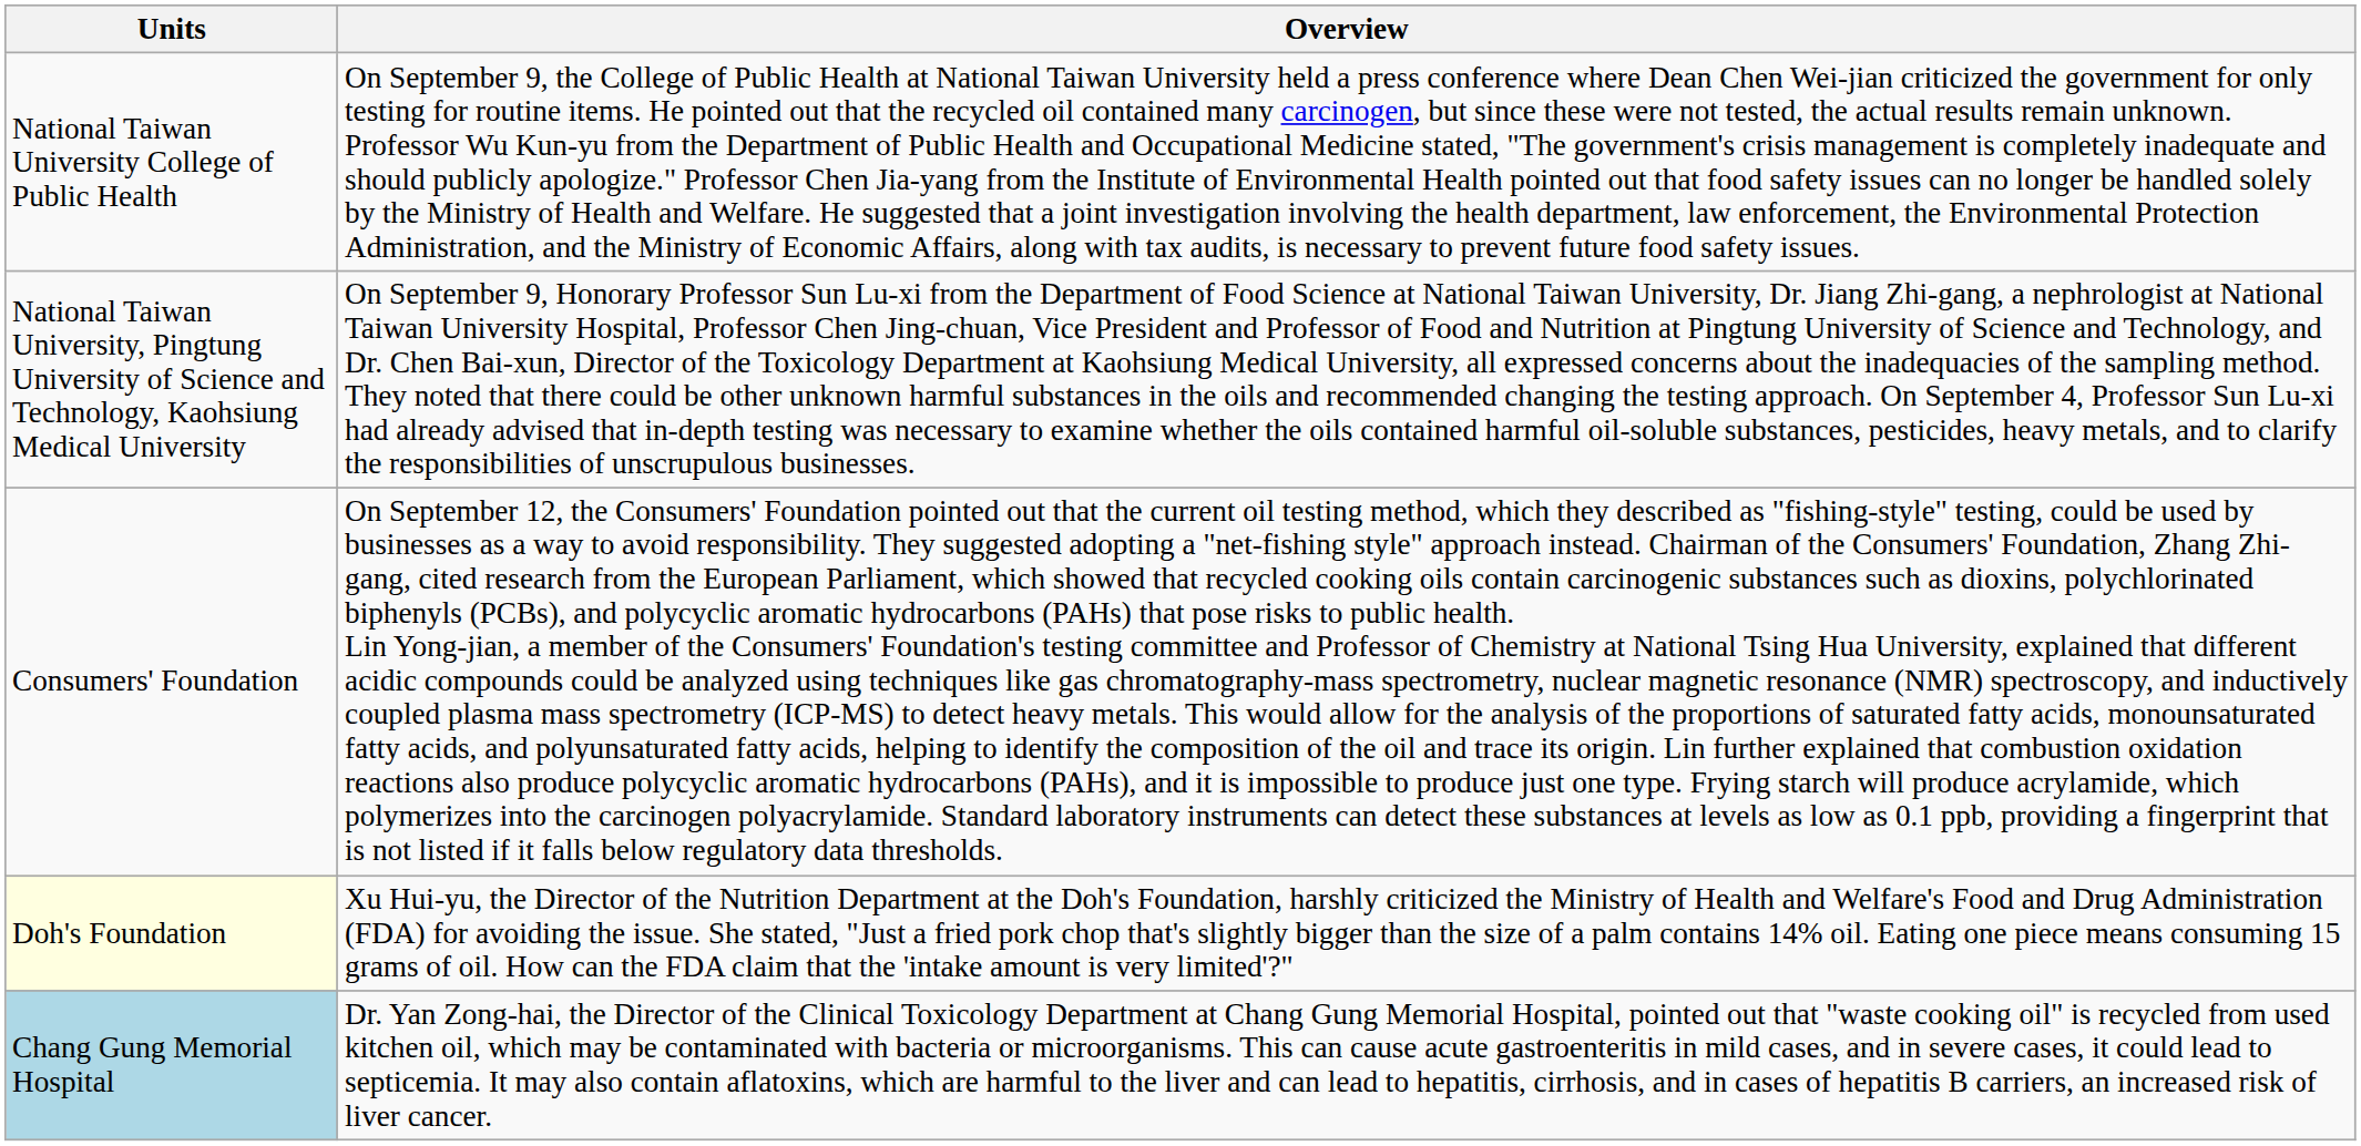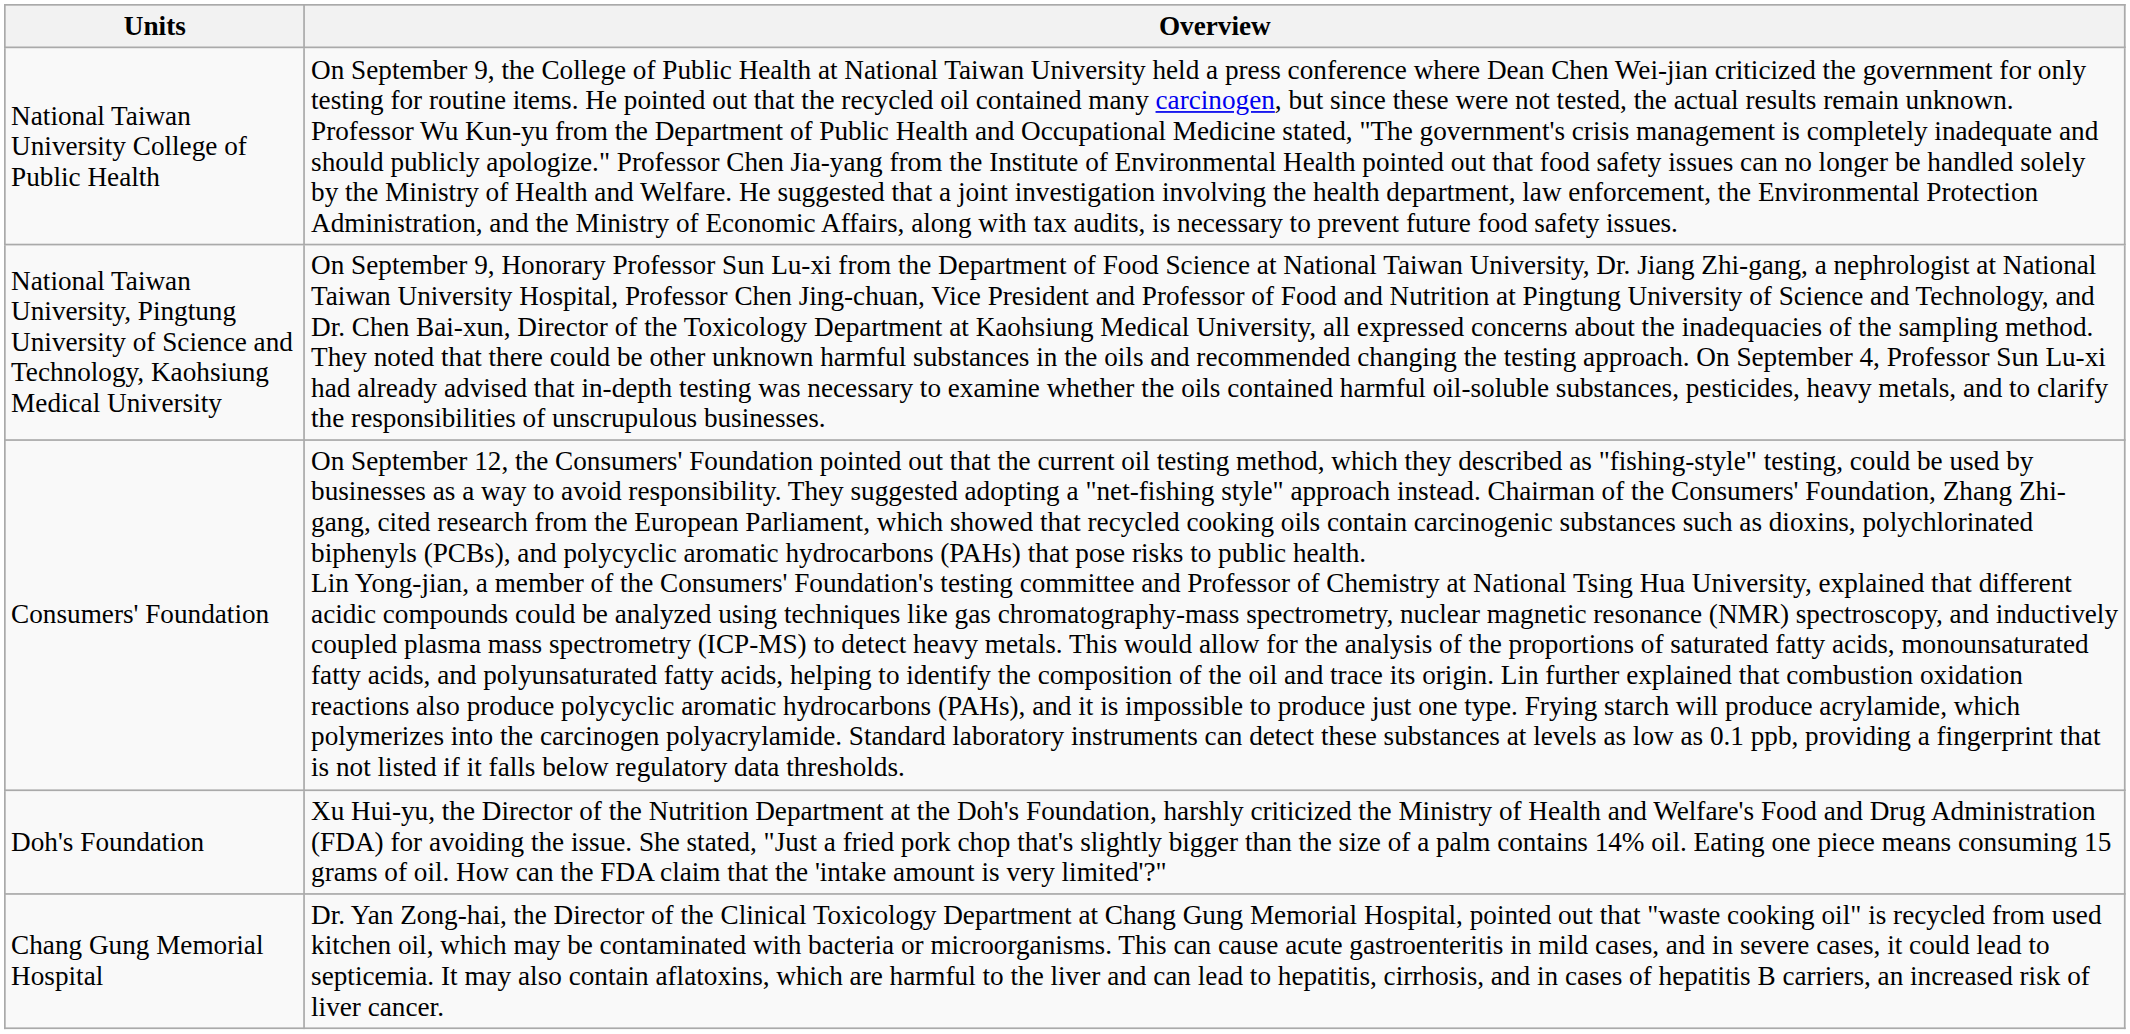 <table class="wikitable sortable">
 <tr>
 <th>Units</th>
 <th>Overview</th>
 </tr>
 <tr>
 <td>National Taiwan University College of Public Health</td>
 <td>On September 9, the College of Public Health at National Taiwan University held a press conference where Dean Chen Wei-jian criticized the government for only testing for routine items. He pointed out that the recycled oil contained many <a href='#'>carcinogen</a>, but since these were not tested, the actual results remain unknown. Professor Wu Kun-yu from the Department of Public Health and Occupational Medicine stated, "The government's crisis management is completely inadequate and should publicly apologize." Professor Chen Jia-yang from the Institute of Environmental Health pointed out that food safety issues can no longer be handled solely by the Ministry of Health and Welfare. He suggested that a joint investigation involving the health department, law enforcement, the Environmental Protection Administration, and the Ministry of Economic Affairs, along with tax audits, is necessary to prevent future food safety issues.</td>
 </tr>
 <tr>
 <td>National Taiwan University, Pingtung University of Science and Technology, Kaohsiung Medical University</td>
 <td>On September 9, Honorary Professor Sun Lu-xi from the Department of Food Science at National Taiwan University, Dr. Jiang Zhi-gang, a nephrologist at National Taiwan University Hospital, Professor Chen Jing-chuan, Vice President and Professor of Food and Nutrition at Pingtung University of Science and Technology, and Dr. Chen Bai-xun, Director of the Toxicology Department at Kaohsiung Medical University, all expressed concerns about the inadequacies of the sampling method. They noted that there could be other unknown harmful substances in the oils and recommended changing the testing approach. On September 4, Professor Sun Lu-xi had already advised that in-depth testing was necessary to examine whether the oils contained harmful oil-soluble substances, pesticides, heavy metals, and to clarify the responsibilities of unscrupulous businesses.</td>
 </tr>
 <tr>
 <td>Consumers' Foundation</td>
 <td>On September 12, the Consumers' Foundation pointed out that the current oil testing method, which they described as "fishing-style" testing, could be used by businesses as a way to avoid responsibility. They suggested adopting a "net-fishing style" approach instead. Chairman of the Consumers' Foundation, Zhang Zhi-gang, cited research from the European Parliament, which showed that recycled cooking oils contain carcinogenic substances such as dioxins, polychlorinated biphenyls (PCBs), and polycyclic aromatic hydrocarbons (PAHs) that pose risks to public health.<br>Lin Yong-jian, a member of the Consumers' Foundation's testing committee and Professor of Chemistry at National Tsing Hua University, explained that different acidic compounds could be analyzed using techniques like gas chromatography-mass spectrometry, nuclear magnetic resonance (NMR) spectroscopy, and inductively coupled plasma mass spectrometry (ICP-MS) to detect heavy metals. This would allow for the analysis of the proportions of saturated fatty acids, monounsaturated fatty acids, and polyunsaturated fatty acids, helping to identify the composition of the oil and trace its origin. Lin further explained that combustion oxidation reactions also produce polycyclic aromatic hydrocarbons (PAHs), and it is impossible to produce just one type. Frying starch will produce acrylamide, which polymerizes into the carcinogen polyacrylamide. Standard laboratory instruments can detect these substances at levels as low as 0.1 ppb, providing a fingerprint that is not listed if it falls below regulatory data thresholds.</td>
 </tr>
 <tr>
-<td style="background: lightyellow;">Doh's Foundation</td>
+<td>Doh's Foundation</td>
 <td>Xu Hui-yu, the Director of the Nutrition Department at the Doh's Foundation, harshly criticized the Ministry of Health and Welfare's Food and Drug Administration (FDA) for avoiding the issue. She stated, "Just a fried pork chop that's slightly bigger than the size of a palm contains 14% oil. Eating one piece means consuming 15 grams of oil. How can the FDA claim that the 'intake amount is very limited'?"</td>
 </tr>
 <tr>
-<td style="background: lightblue;">Chang Gung Memorial Hospital</td>
+<td>Chang Gung Memorial Hospital</td>
 <td>Dr. Yan Zong-hai, the Director of the Clinical Toxicology Department at Chang Gung Memorial Hospital, pointed out that "waste cooking oil" is recycled from used kitchen oil, which may be contaminated with bacteria or microorganisms. This can cause acute gastroenteritis in mild cases, and in severe cases, it could lead to septicemia. It may also contain aflatoxins, which are harmful to the liver and can lead to hepatitis, cirrhosis, and in cases of hepatitis B carriers, an increased risk of liver cancer.</td>
 </tr>
 </table>
